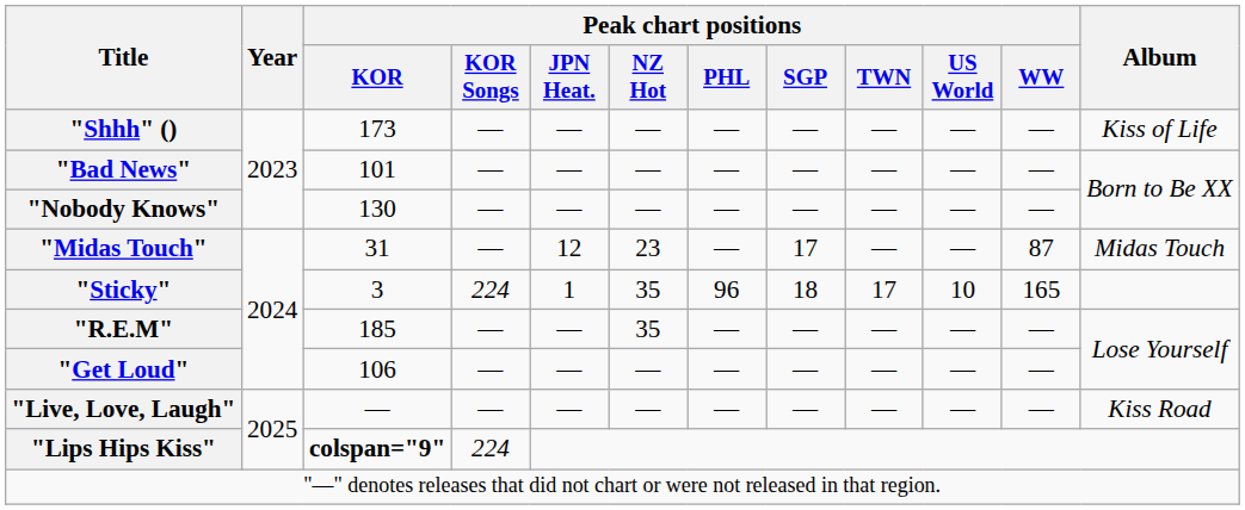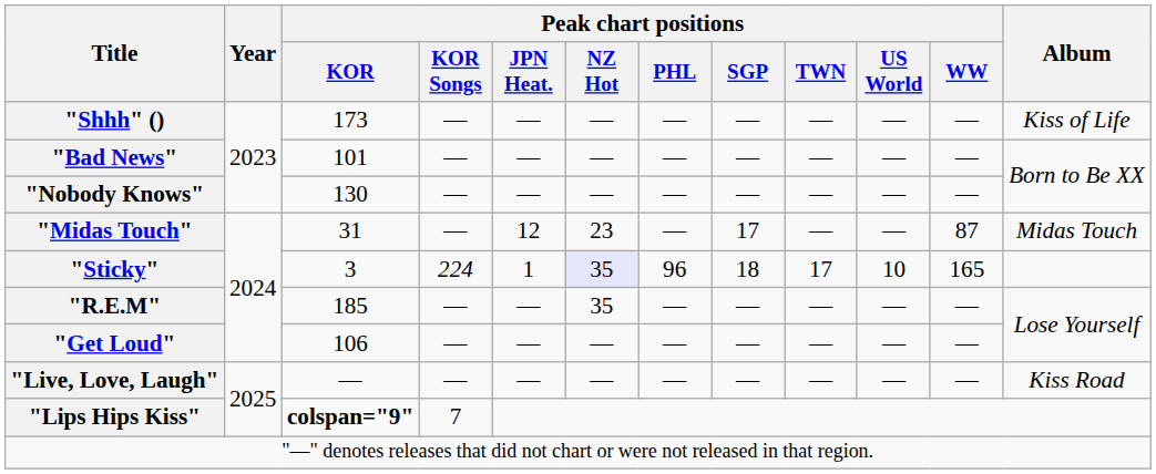 <table class="wikitable plainrowheaders" style="text-align:center">
 <tr>
 <th scope="col" rowspan="2">Title</th>
 <th scope="col" rowspan="2">Year</th>
 <th scope="col" colspan="9">Peak chart positions</th>
 <th scope="col" rowspan="2">Album</th>
 </tr>
 <tr>
 <th scope="col" style="font-size:90%; width:3em"><a href='#'>KOR</a><br></th>
 <th scope="col" style="font-size:90%; width:3em"><a href='#'>KOR<br>Songs</a><br></th>
 <th scope="col" style="font-size:90%; width:3em"><a href='#'>JPN<br>Heat.</a><br></th>
 <th scope="col" style="font-size:90%; width:3em"><a href='#'>NZ<br>Hot</a><br></th>
 <th scope="col" style="font-size:90%; width:3em"><a href='#'>PHL</a><br></th>
 <th scope="col" style="font-size:90%; width:3em"><a href='#'>SGP</a><br></th>
 <th scope="col" style="font-size:90%; width:3em"><a href='#'>TWN</a><br></th>
 <th scope="col" style="font-size:90%; width:3em"><a href='#'>US<br>World</a><br></th>
 <th scope="col" style="font-size:90%; width:3em"><a href='#'>WW</a><br></th>
 </tr>
 <tr>
 <th scope="row">"<a href='#'>Shhh</a>" ()</th>
 <td rowspan="3">2023</td>
 <td>173</td>
 <td>—</td>
 <td>—</td>
 <td>—</td>
 <td>—</td>
 <td>—</td>
 <td>—</td>
 <td>—</td>
 <td>—</td>
 <td><em>Kiss of Life</em></td>
 </tr>
 <tr>
 <th scope="row">"<a href='#'>Bad News</a>"</th>
 <td>101</td>
 <td>—</td>
 <td>—</td>
 <td>—</td>
 <td>—</td>
 <td>—</td>
 <td>—</td>
 <td>—</td>
 <td>—</td>
 <td rowspan="2"><em>Born to Be XX</em></td>
 </tr>
 <tr>
 <th scope="row">"Nobody Knows"</th>
 <td>130</td>
 <td>—</td>
 <td>—</td>
 <td>—</td>
 <td>—</td>
 <td>—</td>
 <td>—</td>
 <td>—</td>
 <td>—</td>
 </tr>
 <tr>
 <th scope="row">"<a href='#'>Midas Touch</a>"</th>
 <td rowspan="4">2024</td>
 <td>31</td>
 <td>—</td>
 <td>12</td>
 <td>23</td>
 <td>—</td>
 <td>17</td>
 <td>—</td>
 <td>—</td>
 <td>87</td>
 <td><em>Midas Touch</em></td>
 </tr>
 <tr>
 <th scope="row">"<a href='#'>Sticky</a>"</th>
 <td>3</td>
 <td><em>224</em></td>
 <td>1</td>
-<td>35</td>
+<td style="background: lavender;">35</td>
 <td>96</td>
 <td>18</td>
 <td>17</td>
 <td>10</td>
 <td>165</td>
 <td></td>
 </tr>
 <tr>
 <th scope="row">"R.E.M"</th>
 <td>185</td>
 <td>—</td>
 <td>—</td>
 <td>35</td>
 <td>—</td>
 <td>—</td>
 <td>—</td>
 <td>—</td>
 <td>—</td>
 <td rowspan="2"><em>Lose Yourself</em></td>
 </tr>
 <tr>
 <th scope="row">"<a href='#'>Get Loud</a>"</th>
 <td>106</td>
 <td>—</td>
 <td>—</td>
 <td>—</td>
 <td>—</td>
 <td>—</td>
 <td>—</td>
 <td>—</td>
 <td>—</td>
 </tr>
 <tr>
 <th scope="row">"Live, Love, Laugh"</th>
 <td rowspan="2">2025</td>
 <td>—</td>
 <td>—</td>
 <td>—</td>
 <td>—</td>
 <td>—</td>
 <td>—</td>
 <td>—</td>
 <td>—</td>
 <td>—</td>
 <td><em>Kiss Road</em></td>
 </tr>
 <tr>
 <th scope="row">"Lips Hips Kiss"</th>
 <td><strong>colspan="9" </strong></td>
-<td><em>224</em></td>
+<td>7</td>
 </tr>
 <tr>
 <td colspan="12" style="font-size:85%">"—" denotes releases that did not chart or were not released in that region.</td>
 </tr>
 </table>
